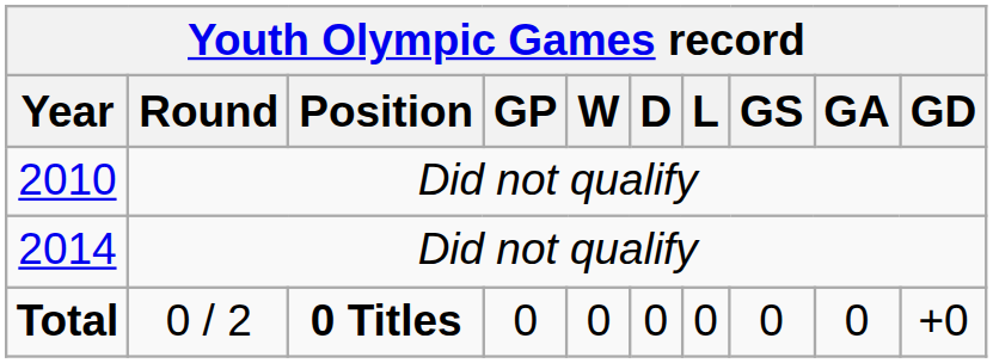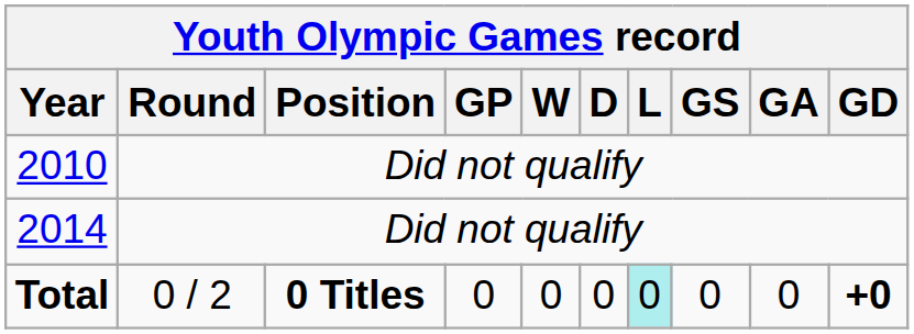 <table class="wikitable" style="text-align: center;">
 <tr>
 <th colspan=10><a href='#'>Youth Olympic Games</a> record</th>
 </tr>
 <tr>
 <th>Year</th>
 <th>Round</th>
 <th>Position</th>
 <th>GP</th>
 <th>W</th>
 <th>D</th>
 <th>L</th>
 <th>GS</th>
 <th>GA</th>
 <th>GD</th>
 </tr>
 <tr bgcolor=>
 <td> <a href='#'>2010</a></td>
 <td colspan="9"><em>Did not qualify</em></td>
 </tr>
 <tr bgcolor=>
 <td> <a href='#'>2014</a></td>
 <td colspan="9"><em>Did not qualify</em></td>
 </tr>
 <tr>
 <td><strong>Total</strong></td>
 <td>0 / 2</td>
 <td><strong>0 Titles</strong></td>
 <td>0</td>
 <td>0</td>
 <td>0</td>
+<td style="background: paleturquoise;">0</td>
 <td>0</td>
 <td>0</td>
-<td>0</td>
-<td>+0</td>
+<td><strong>+0</strong></td>
 </tr>
 </table>
